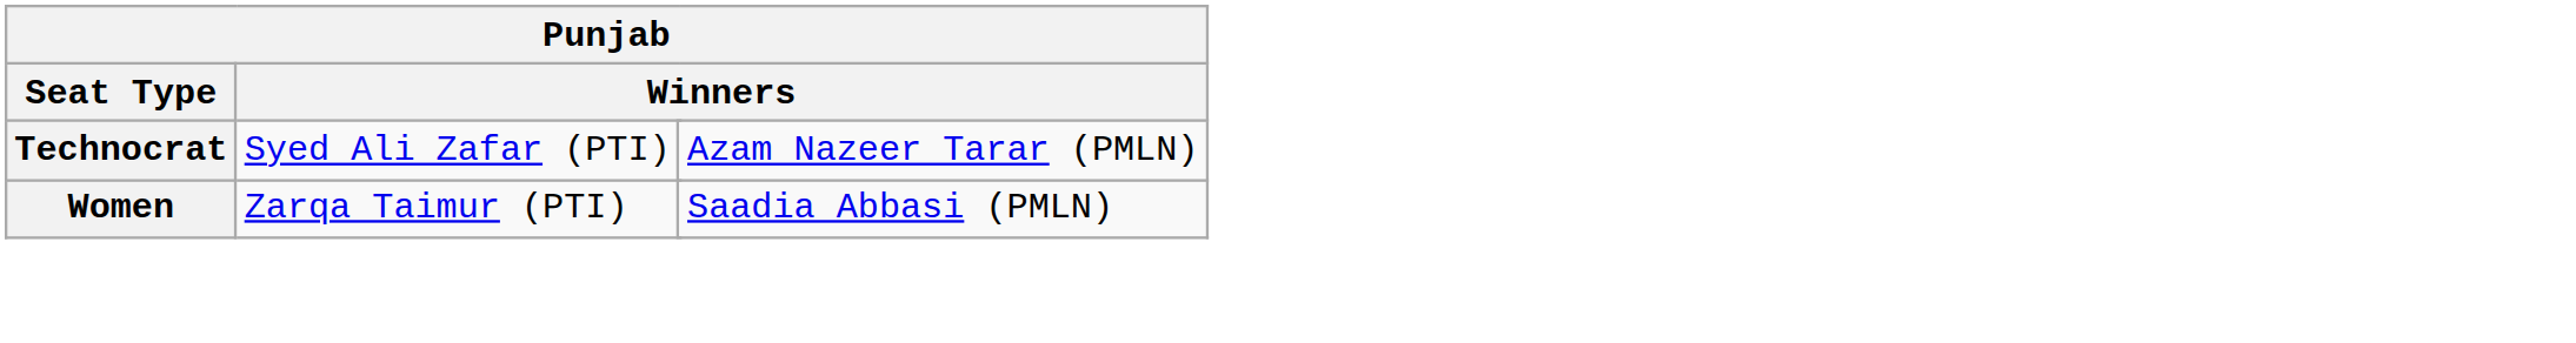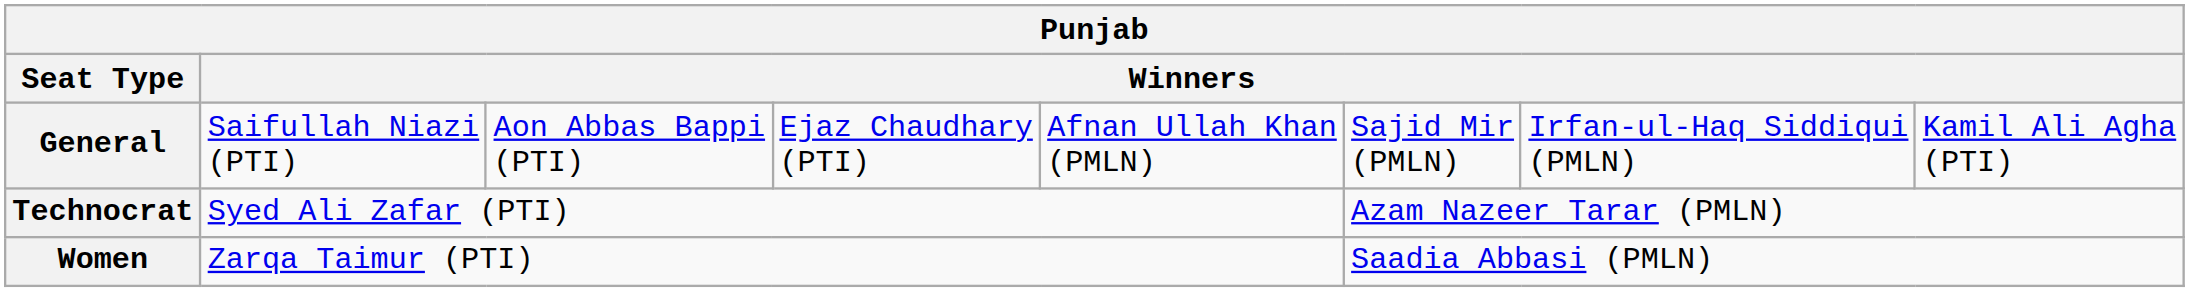 <table class="wikitable">
 <tr>
 <th colspan="8">Punjab</th>
 </tr>
 <tr>
 <th>Seat Type</th>
 <th colspan="7">Winners</th>
+</tr>
+<tr>
+<th>General</th>
+<td style="background:"><a href='#'>Saifullah Niazi</a><br>(PTI)</td>
+<td style="background:"><a href='#'>Aon Abbas Bappi</a><br>(PTI)</td>
+<td style="background:"><a href='#'>Ejaz Chaudhary</a><br>(PTI)</td>
+<td style="background:"><a href='#'>Afnan Ullah Khan</a><br>(PMLN)</td>
+<td style="background:"><a href='#'>Sajid Mir</a><br>(PMLN)</td>
+<td style="background:"><a href='#'>Irfan-ul-Haq Siddiqui</a><br>(PMLN)</td>
+<td style="background:"><a href='#'>Kamil Ali Agha</a><br>(PTI)</td>
 </tr>
 <tr>
 <th>Technocrat</th>
 <td colspan="4" style="background:"><a href='#'>Syed Ali Zafar</a> (PTI)</td>
 <td colspan="3" style="background:"><a href='#'>Azam Nazeer Tarar</a> (PMLN)</td>
 </tr>
 <tr>
 <th>Women</th>
 <td colspan="4" style="background:"><a href='#'>Zarqa Taimur</a> (PTI)</td>
 <td colspan="3" style="background:"><a href='#'>Saadia Abbasi</a> (PMLN)</td>
 </tr>
 </table>
